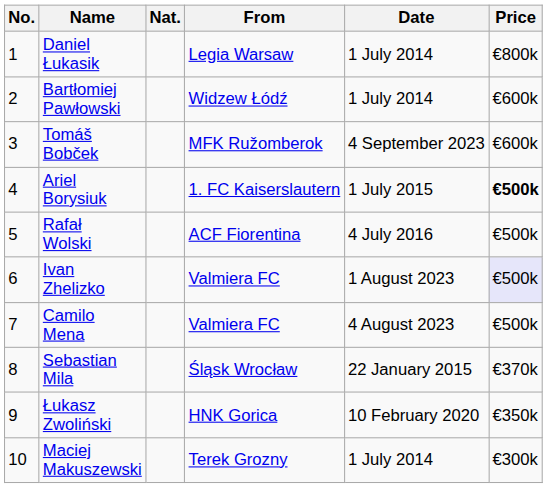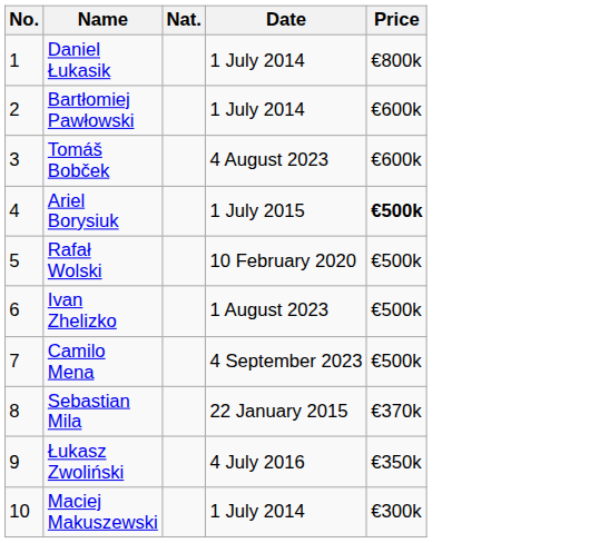 <table class="wikitable" style="display: inline-table;">
 <tr>
 <th>No.</th>
 <th>Name</th>
 <th>Nat.</th>
-<th>From</th>
 <th>Date</th>
 <th>Price</th>
 </tr>
 <tr>
 <td>1</td>
 <td><a href='#'>Daniel<br>Łukasik</a></td>
 <td></td>
-<td><a href='#'>Legia Warsaw</a></td>
 <td>1 July 2014</td>
 <td>€800k</td>
 </tr>
 <tr>
 <td>2</td>
 <td><a href='#'>Bartłomiej<br>Pawłowski</a></td>
 <td></td>
-<td><a href='#'>Widzew Łódź</a></td>
 <td>1 July 2014</td>
 <td>€600k</td>
 </tr>
 <tr>
 <td>3</td>
 <td><a href='#'>Tomáš<br>Bobček</a></td>
 <td></td>
-<td><a href='#'>MFK Ružomberok</a></td>
-<td>4 September 2023</td>
+<td>4 August 2023</td>
 <td>€600k</td>
 </tr>
 <tr>
 <td>4</td>
 <td><a href='#'>Ariel<br>Borysiuk</a></td>
 <td></td>
-<td><a href='#'>1. FC Kaiserslautern</a></td>
 <td>1 July 2015</td>
 <td><strong>€500k</strong></td>
 </tr>
 <tr>
 <td>5</td>
 <td><a href='#'>Rafał<br>Wolski</a></td>
 <td></td>
-<td><a href='#'>ACF Fiorentina</a></td>
-<td>4 July 2016</td>
+<td>10 February 2020</td>
 <td>€500k</td>
 </tr>
 <tr>
 <td>6</td>
 <td><a href='#'>Ivan<br>Zhelizko</a></td>
 <td></td>
-<td><a href='#'>Valmiera FC</a></td>
 <td>1 August 2023</td>
-<td style="background: lavender;">€500k</td>
+<td>€500k</td>
 </tr>
 <tr>
 <td>7</td>
 <td><a href='#'>Camilo<br>Mena</a></td>
 <td></td>
-<td><a href='#'>Valmiera FC</a></td>
-<td>4 August 2023</td>
+<td>4 September 2023</td>
 <td>€500k</td>
 </tr>
 <tr>
 <td>8</td>
 <td><a href='#'>Sebastian<br>Mila</a></td>
 <td></td>
-<td><a href='#'>Śląsk Wrocław</a></td>
 <td>22 January 2015</td>
 <td>€370k</td>
 </tr>
 <tr>
 <td>9</td>
 <td><a href='#'>Łukasz<br>Zwoliński</a></td>
 <td></td>
-<td><a href='#'>HNK Gorica</a></td>
-<td>10 February 2020</td>
+<td>4 July 2016</td>
 <td>€350k</td>
 </tr>
 <tr>
 <td>10</td>
 <td><a href='#'>Maciej<br>Makuszewski</a></td>
 <td></td>
-<td><a href='#'>Terek Grozny</a></td>
 <td>1 July 2014</td>
 <td>€300k</td>
 </tr>
 </table>
